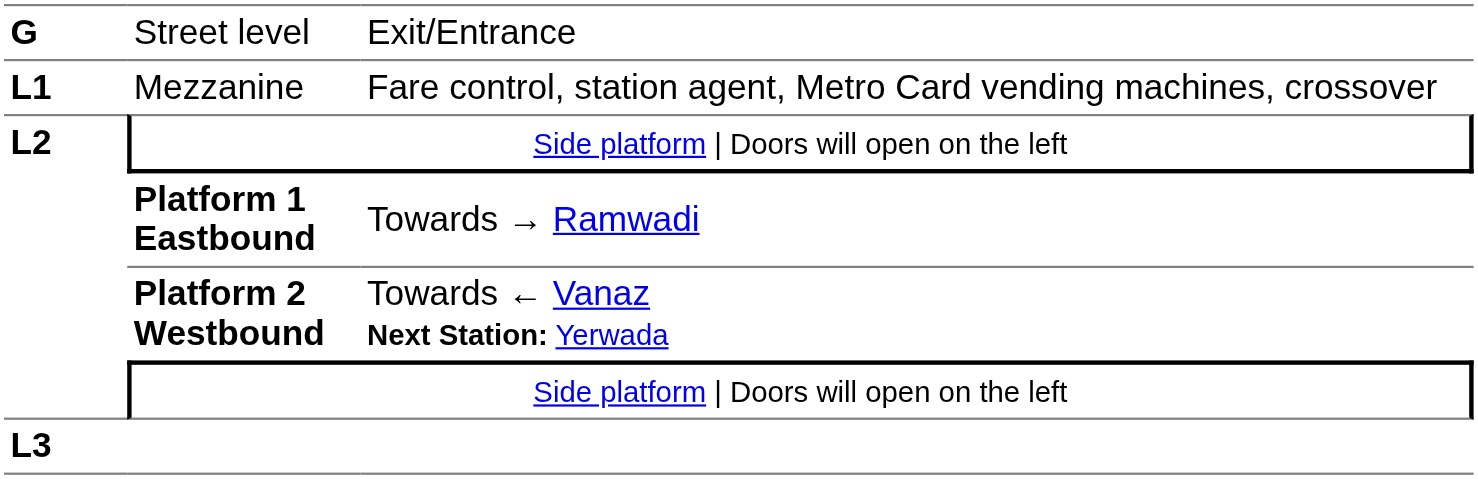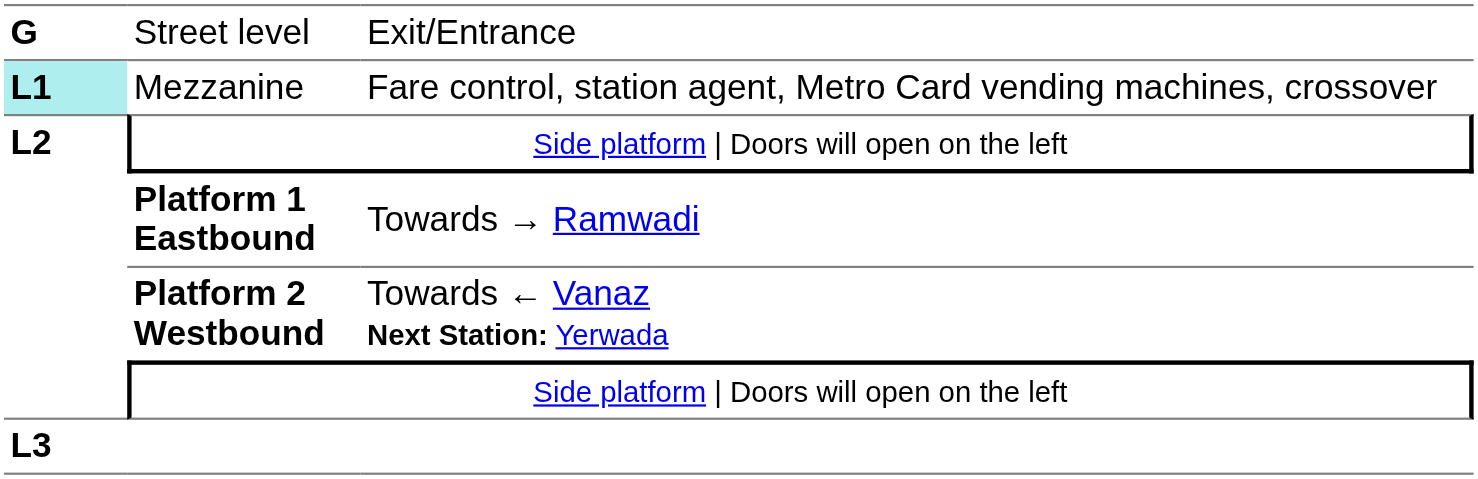 <table table border=0 cellspacing=0 cellpadding=3>
 <tr>
 <td style="border-bottom:solid 1px grey;border-top:solid 1px grey;" width=50 valign=top><strong>G</strong></td>
 <td style="border-top:solid 1px grey;border-bottom:solid 1px grey;" width=100 valign=top>Street level</td>
 <td style="border-top:solid 1px grey;border-bottom:solid 1px grey;" width=500 valign=top>Exit/Entrance</td>
 </tr>
 <tr>
-<td valign=top><strong>L1</strong></td>
+<td valign=top style="background: paleturquoise;"><strong>L1</strong></td>
 <td valign=top>Mezzanine</td>
 <td valign=top>Fare control, station agent, Metro Card vending machines, crossover<br></td>
 </tr>
 <tr>
 <td style="border-top:solid 1px grey;border-bottom:solid 1px grey;" width=50 rowspan=4 valign=top><strong>L2</strong></td>
 <td style="border-top:solid 1px grey;border-right:solid 2px black;border-left:solid 2px black;border-bottom:solid 2px black;text-align:center;" colspan=2><small><a href='#'>Side platform</a> | Doors will open on the left </small></td>
 </tr>
 <tr>
 <td style="border-bottom:solid 1px grey;" width=100><span><strong>Platform 1</strong><br><strong>Eastbound</strong></span></td>
 <td style="border-bottom:solid 1px grey;" width=500>Towards → <a href='#'>Ramwadi</a></td>
 </tr>
 <tr>
 <td><span><strong>Platform 2</strong><br><strong>Westbound</strong></span></td>
 <td>Towards ← <a href='#'>Vanaz</a><br><small><strong>Next Station:</strong> <a href='#'>Yerwada</a></small></td>
 </tr>
 <tr>
 <td style="border-top:solid 2px black;border-right:solid 2px black;border-left:solid 2px black;border-bottom:solid 1px grey;" colspan=2  align=center><small><a href='#'>Side platform</a> | Doors will open on the left </small></td>
 </tr>
 <tr>
 <td style="border-bottom:solid 1px grey;" width=50 rowspan=2 valign=top><strong>L3</strong></td>
 <td style="border-bottom:solid 1px grey;" width=100></td>
 <td style="border-bottom:solid 1px grey;" width=500></td>
 </tr>
 <tr>
 </tr>
 </table>
